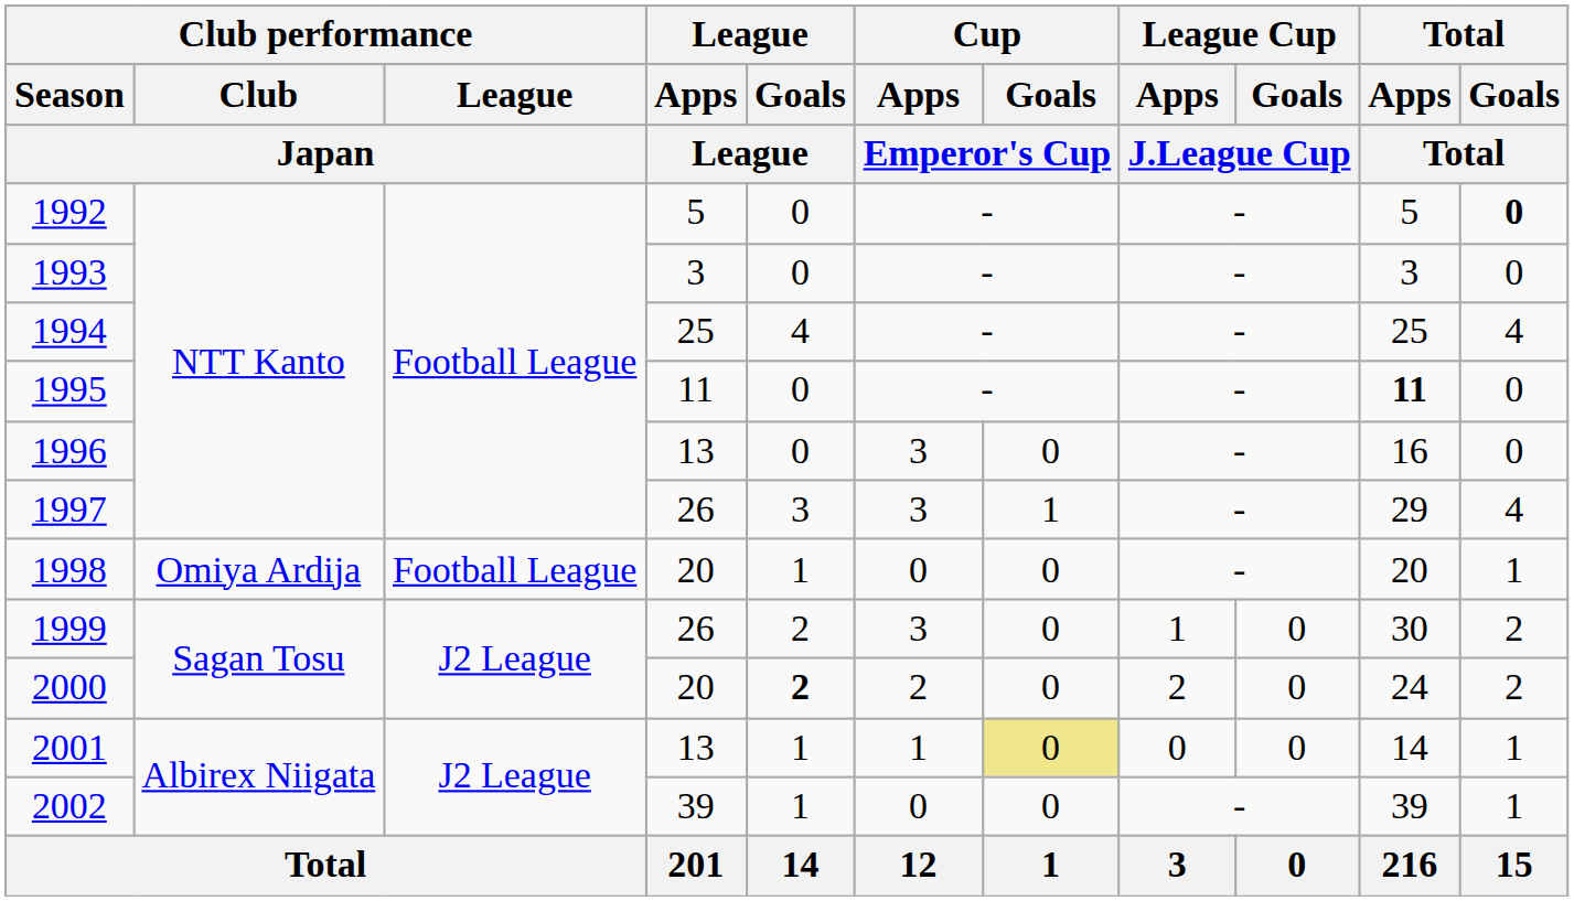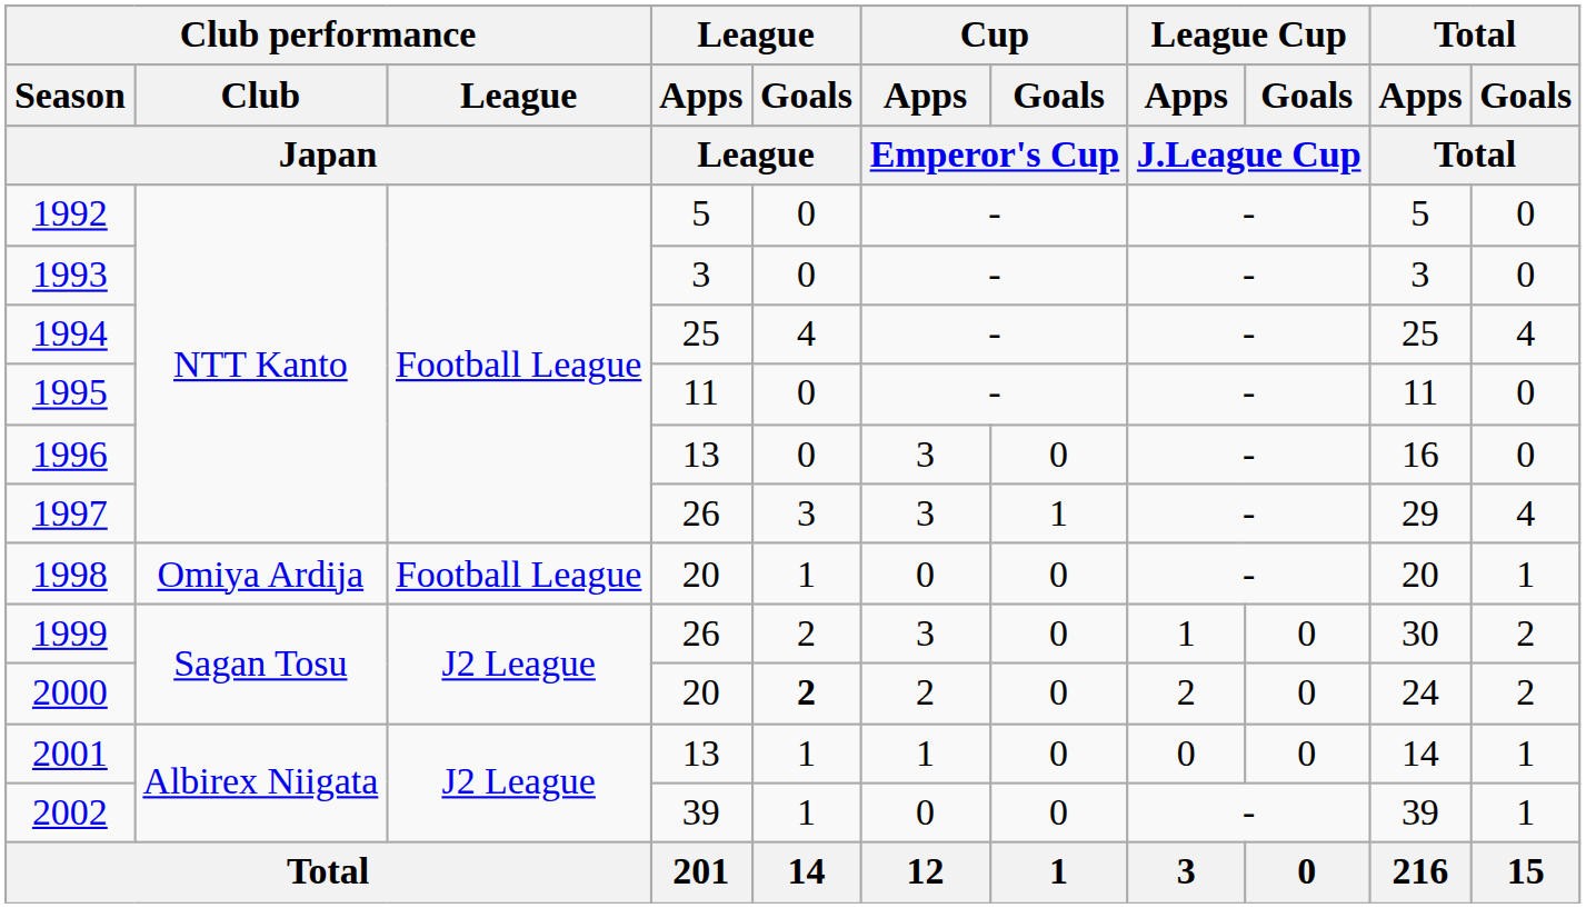 <table class="wikitable" style="text-align:center;">
 <tr>
 <th colspan=3>Club performance</th>
 <th colspan=2>League</th>
 <th colspan=2>Cup</th>
 <th colspan=2>League Cup</th>
 <th colspan=2>Total</th>
 </tr>
 <tr>
 <th>Season</th>
 <th>Club</th>
 <th>League</th>
 <th>Apps</th>
 <th>Goals</th>
 <th>Apps</th>
 <th>Goals</th>
 <th>Apps</th>
 <th>Goals</th>
 <th>Apps</th>
 <th>Goals</th>
 </tr>
 <tr>
 <th colspan=3>Japan</th>
 <th colspan=2>League</th>
 <th colspan=2><a href='#'>Emperor's Cup</a></th>
 <th colspan=2><a href='#'>J.League Cup</a></th>
 <th colspan=2>Total</th>
 </tr>
 <tr>
 <td><a href='#'>1992</a></td>
 <td rowspan="6"><a href='#'>NTT Kanto</a></td>
 <td rowspan="6"><a href='#'>Football League</a></td>
 <td>5</td>
 <td>0</td>
 <td colspan="2">-</td>
 <td colspan="2">-</td>
 <td>5</td>
-<td><strong>0</strong></td>
+<td>0</td>
 </tr>
 <tr>
 <td><a href='#'>1993</a></td>
 <td>3</td>
 <td>0</td>
 <td colspan="2">-</td>
 <td colspan="2">-</td>
 <td>3</td>
 <td>0</td>
 </tr>
 <tr>
 <td><a href='#'>1994</a></td>
 <td>25</td>
 <td>4</td>
 <td colspan="2">-</td>
 <td colspan="2">-</td>
 <td>25</td>
 <td>4</td>
 </tr>
 <tr>
 <td><a href='#'>1995</a></td>
 <td>11</td>
 <td>0</td>
 <td colspan="2">-</td>
 <td colspan="2">-</td>
-<td><strong>11</strong></td>
+<td>11</td>
 <td>0</td>
 </tr>
 <tr>
 <td><a href='#'>1996</a></td>
 <td>13</td>
 <td>0</td>
 <td>3</td>
 <td>0</td>
 <td colspan="2">-</td>
 <td>16</td>
 <td>0</td>
 </tr>
 <tr>
 <td><a href='#'>1997</a></td>
 <td>26</td>
 <td>3</td>
 <td>3</td>
 <td>1</td>
 <td colspan="2">-</td>
 <td>29</td>
 <td>4</td>
 </tr>
 <tr>
 <td><a href='#'>1998</a></td>
 <td><a href='#'>Omiya Ardija</a></td>
 <td><a href='#'>Football League</a></td>
 <td>20</td>
 <td>1</td>
 <td>0</td>
 <td>0</td>
 <td colspan="2">-</td>
 <td>20</td>
 <td>1</td>
 </tr>
 <tr>
 <td><a href='#'>1999</a></td>
 <td rowspan="2"><a href='#'>Sagan Tosu</a></td>
 <td rowspan="2"><a href='#'>J2 League</a></td>
 <td>26</td>
 <td>2</td>
 <td>3</td>
 <td>0</td>
 <td>1</td>
 <td>0</td>
 <td>30</td>
 <td>2</td>
 </tr>
 <tr>
 <td><a href='#'>2000</a></td>
 <td>20</td>
 <td><strong>2</strong></td>
 <td>2</td>
 <td>0</td>
 <td>2</td>
 <td>0</td>
 <td>24</td>
 <td>2</td>
 </tr>
 <tr>
 <td><a href='#'>2001</a></td>
 <td rowspan="2"><a href='#'>Albirex Niigata</a></td>
 <td rowspan="2"><a href='#'>J2 League</a></td>
 <td>13</td>
 <td>1</td>
 <td>1</td>
-<td style="background: khaki;">0</td>
+<td>0</td>
 <td>0</td>
 <td>0</td>
 <td>14</td>
 <td>1</td>
 </tr>
 <tr>
 <td><a href='#'>2002</a></td>
 <td>39</td>
 <td>1</td>
 <td>0</td>
 <td>0</td>
 <td colspan="2">-</td>
 <td>39</td>
 <td>1</td>
 </tr>
 <tr>
 <th colspan=3>Total</th>
 <th>201</th>
 <th>14</th>
 <th>12</th>
 <th>1</th>
 <th>3</th>
 <th>0</th>
 <th>216</th>
 <th>15</th>
 </tr>
 </table>
